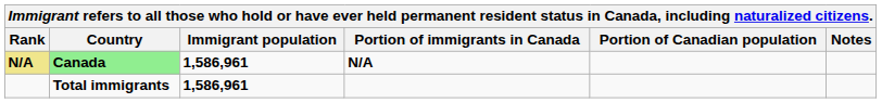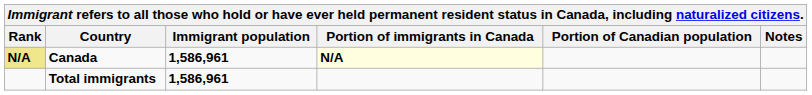 <table class="wikitable sortable">
 <tr>
 <th colspan="6"><em>Immigrant</em> refers to all those who hold or have ever held permanent resident status in Canada, including <a href='#'>naturalized citizens</a>.</th>
 </tr>
 <tr>
 <th>Rank</th>
 <th>Country</th>
 <th>Immigrant population</th>
 <th>Portion of immigrants in Canada</th>
 <th>Portion of Canadian population</th>
 <th>Notes</th>
 </tr>
 <tr>
 <td style="background: khaki;"><strong>N/A</strong></td>
-<td style="background: lightgreen;"><strong>Canada</strong></td>
+<td><strong>Canada</strong></td>
 <td><strong>1,586,961</strong></td>
-<td><strong>N/A</strong></td>
+<td style="background: lightyellow;"><strong>N/A</strong></td>
 <td><strong></strong></td>
 <td></td>
 </tr>
 <tr>
 <td></td>
 <td><strong>Total immigrants</strong></td>
 <td><strong>1,586,961</strong></td>
 <td><strong></strong></td>
 <td><strong></strong></td>
 </tr>
 </table>
